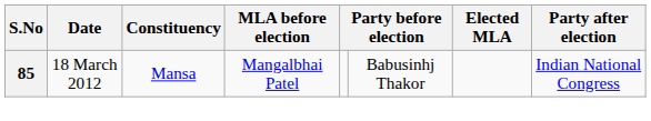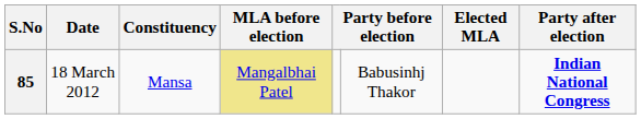 <table class="wikitable sortable" style="text-align:center;">
 <tr>
 <th>S.No</th>
 <th>Date</th>
 <th>Constituency</th>
 <th>MLA before election</th>
 <th colspan="2">Party before election</th>
 <th>Elected MLA</th>
 <th colspan="2">Party after election</th>
 </tr>
 <tr>
 <th>85</th>
 <td>18 March 2012</td>
 <td><a href='#'>Mansa</a></td>
-<td><a href='#'>Mangalbhai Patel</a></td>
+<td style="background: khaki;"><a href='#'>Mangalbhai Patel</a></td>
 <td></td>
 <td>Babusinhj Thakor</td>
 <td></td>
-<td><a href='#'>Indian National Congress</a></td>
+<td><strong><a href='#'>Indian National Congress</a></strong></td>
 </tr>
 </table>
